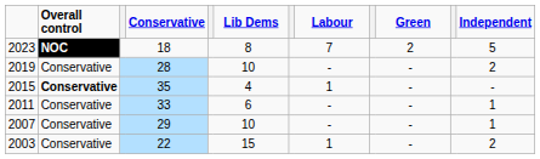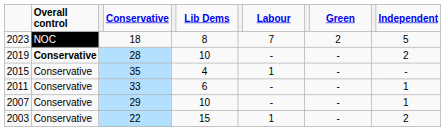 <table class="wikitable" style="text-align:left; padding-left:1em; font-size: 95%">
 <tr>
 <td width=32></td>
 <td width=90><strong>Overall control</strong></td>
 <th style="background-color: "></th>
 <td width=87 align="center"><strong><a href='#'>Conservative</a></strong></td>
 <th style="background-color: "></th>
 <td width=87 align="center"><strong><a href='#'>Lib Dems</a></strong></td>
 <th style="background-color: "></th>
 <td width=87 align="center"><strong><a href='#'>Labour</a></strong></td>
 <th style="background-color: "></th>
 <td width=87 align="center"><strong><a href='#'>Green</a></strong></td>
 <th style="background-color: "></th>
 <td width=87 align="center"><strong><a href='#'>Independent</a></strong></td>
 </tr>
 <tr>
 <td>2023</td>
-<td style="background:black; color:white"><strong>NOC</strong></td>
+<td style="background:black; color:white">NOC</td>
 <td colspan=2 align="center">18</td>
 <td colspan=2 align="center">8</td>
 <td colspan=2 align="center">7</td>
 <td colspan=2 align="center">2</td>
 <td colspan=2 align="center">5</td>
 </tr>
 <tr>
 <td>2019</td>
-<td style="background:">Conservative</td>
+<td style="background:"><strong>Conservative</strong></td>
 <td colspan=2 align="center" style="background:#B3E0FF">28</td>
 <td colspan=2 align="center">10</td>
 <td colspan=2 align="center">-</td>
 <td colspan=2 align="center">-</td>
 <td colspan=2 align="center">2</td>
 </tr>
 <tr>
 <td>2015</td>
-<td style="background:"><strong>Conservative</strong></td>
+<td style="background:">Conservative</td>
 <td colspan=2 align="center" style="background:#B3E0FF">35</td>
 <td colspan=2 align="center">4</td>
 <td colspan=2 align="center">1</td>
 <td colspan=2 align="center">-</td>
 <td colspan=2 align="center">-</td>
 </tr>
 <tr>
 <td>2011</td>
 <td style="background:">Conservative</td>
 <td colspan=2 align="center" style="background:#B3E0FF">33</td>
 <td colspan=2 align="center">6</td>
 <td colspan=2 align="center">-</td>
 <td colspan=2 align="center">-</td>
 <td colspan=2 align="center">1</td>
 </tr>
 <tr>
 <td>2007</td>
 <td style="background:">Conservative</td>
 <td colspan=2 align="center" style="background:#B3E0FF">29</td>
 <td colspan=2 align="center">10</td>
 <td colspan=2 align="center">-</td>
 <td colspan=2 align="center">-</td>
 <td colspan=2 align="center">1</td>
 </tr>
 <tr>
 <td>2003</td>
 <td style="background:">Conservative</td>
 <td colspan=2 align="center" style="background:#B3E0FF">22</td>
 <td colspan=2 align="center">15</td>
 <td colspan=2 align="center">1</td>
 <td colspan=2 align="center">-</td>
 <td colspan=2 align="center">2</td>
 </tr>
 </table>
